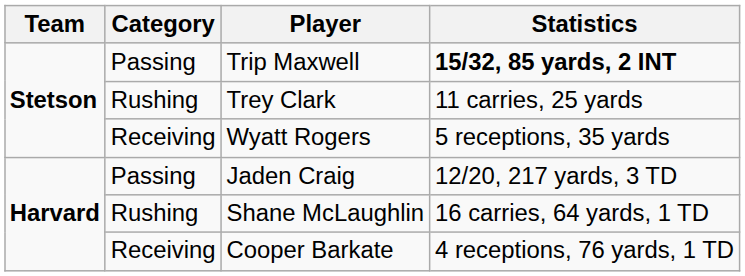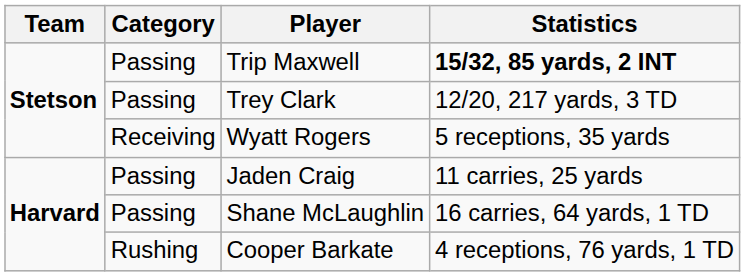 <table class="wikitable" style="float: right;">
 <tr>
 <th>Team</th>
 <th>Category</th>
 <th>Player</th>
 <th>Statistics</th>
 </tr>
 <tr>
 <td rowspan=3><strong>Stetson</strong></td>
 <td>Passing</td>
 <td>Trip Maxwell</td>
 <td><strong>15/32, 85 yards, 2 INT</strong></td>
 </tr>
 <tr>
-<td>Rushing</td>
+<td>Passing</td>
 <td>Trey Clark</td>
-<td>11 carries, 25 yards</td>
+<td>12/20, 217 yards, 3 TD</td>
 </tr>
 <tr>
 <td>Receiving</td>
 <td>Wyatt Rogers</td>
 <td>5 receptions, 35 yards</td>
 </tr>
 <tr>
 <td rowspan=3><strong>Harvard</strong></td>
 <td>Passing</td>
 <td>Jaden Craig</td>
-<td>12/20, 217 yards, 3 TD</td>
+<td>11 carries, 25 yards</td>
 </tr>
 <tr>
-<td>Rushing</td>
+<td>Passing</td>
 <td>Shane McLaughlin</td>
 <td>16 carries, 64 yards, 1 TD</td>
 </tr>
 <tr>
-<td>Receiving</td>
+<td>Rushing</td>
 <td>Cooper Barkate</td>
 <td>4 receptions, 76 yards, 1 TD</td>
 </tr>
 </table>
